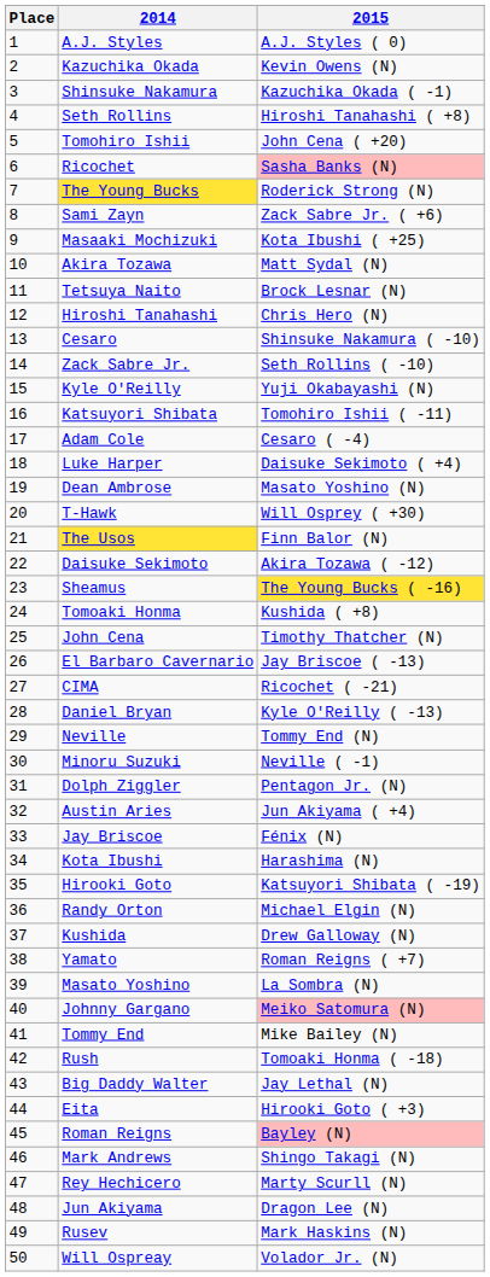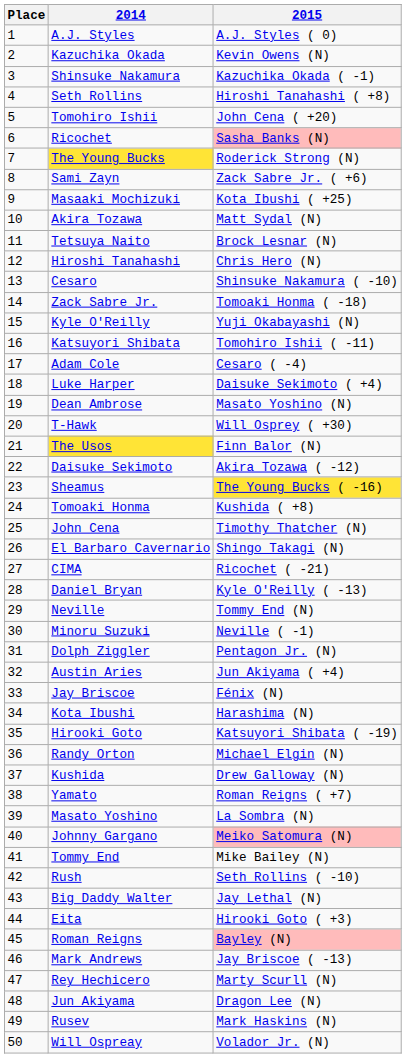 <table class="wikitable">
 <tr>
 <th>Place</th>
 <th><a href='#'>2014</a></th>
 <th><a href='#'>2015</a></th>
 </tr>
 <tr>
 <td>1</td>
 <td><a href='#'>A.J. Styles</a></td>
 <td><a href='#'>A.J. Styles</a> ( 0)</td>
 </tr>
 <tr>
 <td>2</td>
 <td><a href='#'>Kazuchika Okada</a></td>
 <td><a href='#'>Kevin Owens</a> (N)</td>
 </tr>
 <tr>
 <td>3</td>
 <td><a href='#'>Shinsuke Nakamura</a></td>
 <td><a href='#'>Kazuchika Okada</a> ( -1)</td>
 </tr>
 <tr>
 <td>4</td>
 <td><a href='#'>Seth Rollins</a></td>
 <td><a href='#'>Hiroshi Tanahashi</a> ( +8)</td>
 </tr>
 <tr>
 <td>5</td>
 <td><a href='#'>Tomohiro Ishii</a></td>
 <td><a href='#'>John Cena</a> ( +20)</td>
 </tr>
 <tr>
 <td>6</td>
 <td><a href='#'>Ricochet</a></td>
 <td style="background: #FFBBBB"><a href='#'>Sasha Banks</a> (N)</td>
 </tr>
 <tr>
 <td>7</td>
 <td style="background: #FFE436"><a href='#'>The Young Bucks</a></td>
 <td><a href='#'>Roderick Strong</a> (N)</td>
 </tr>
 <tr>
 <td>8</td>
 <td><a href='#'>Sami Zayn</a></td>
 <td><a href='#'>Zack Sabre Jr.</a> ( +6)</td>
 </tr>
 <tr>
 <td>9</td>
 <td><a href='#'>Masaaki Mochizuki</a></td>
 <td><a href='#'>Kota Ibushi</a> ( +25)</td>
 </tr>
 <tr>
 <td>10</td>
 <td><a href='#'>Akira Tozawa</a></td>
 <td><a href='#'>Matt Sydal</a> (N)</td>
 </tr>
 <tr>
 <td>11</td>
 <td><a href='#'>Tetsuya Naito</a></td>
 <td><a href='#'>Brock Lesnar</a> (N)</td>
 </tr>
 <tr>
 <td>12</td>
 <td><a href='#'>Hiroshi Tanahashi</a></td>
 <td><a href='#'>Chris Hero</a> (N)</td>
 </tr>
 <tr>
 <td>13</td>
 <td><a href='#'>Cesaro</a></td>
 <td><a href='#'>Shinsuke Nakamura</a> ( -10)</td>
 </tr>
 <tr>
 <td>14</td>
 <td><a href='#'>Zack Sabre Jr.</a></td>
-<td><a href='#'>Seth Rollins</a> ( -10)</td>
+<td><a href='#'>Tomoaki Honma</a> ( -18)</td>
 </tr>
 <tr>
 <td>15</td>
 <td><a href='#'>Kyle O'Reilly</a></td>
 <td><a href='#'>Yuji Okabayashi</a> (N)</td>
 </tr>
 <tr>
 <td>16</td>
 <td><a href='#'>Katsuyori Shibata</a></td>
 <td><a href='#'>Tomohiro Ishii</a> ( -11)</td>
 </tr>
 <tr>
 <td>17</td>
 <td><a href='#'>Adam Cole</a></td>
 <td><a href='#'>Cesaro</a> ( -4)</td>
 </tr>
 <tr>
 <td>18</td>
 <td><a href='#'>Luke Harper</a></td>
 <td><a href='#'>Daisuke Sekimoto</a> ( +4)</td>
 </tr>
 <tr>
 <td>19</td>
 <td><a href='#'>Dean Ambrose</a></td>
 <td><a href='#'>Masato Yoshino</a> (N)</td>
 </tr>
 <tr>
 <td>20</td>
 <td><a href='#'>T-Hawk</a></td>
 <td><a href='#'>Will Osprey</a> ( +30)</td>
 </tr>
 <tr>
 <td>21</td>
 <td style="background: #FFE436"><a href='#'>The Usos</a></td>
 <td><a href='#'>Finn Balor</a> (N)</td>
 </tr>
 <tr>
 <td>22</td>
 <td><a href='#'>Daisuke Sekimoto</a></td>
 <td><a href='#'>Akira Tozawa</a> ( -12)</td>
 </tr>
 <tr>
 <td>23</td>
 <td><a href='#'>Sheamus</a></td>
 <td style="background: #FFE436"><a href='#'>The Young Bucks</a> ( -16)</td>
 </tr>
 <tr>
 <td>24</td>
 <td><a href='#'>Tomoaki Honma</a></td>
 <td><a href='#'>Kushida</a> ( +8)</td>
 </tr>
 <tr>
 <td>25</td>
 <td><a href='#'>John Cena</a></td>
 <td><a href='#'>Timothy Thatcher</a> (N)</td>
 </tr>
 <tr>
 <td>26</td>
 <td><a href='#'>El Barbaro Cavernario</a></td>
-<td><a href='#'>Jay Briscoe</a> ( -13)</td>
+<td><a href='#'>Shingo Takagi</a> (N)</td>
 </tr>
 <tr>
 <td>27</td>
 <td><a href='#'>CIMA</a></td>
 <td><a href='#'>Ricochet</a> ( -21)</td>
 </tr>
 <tr>
 <td>28</td>
 <td><a href='#'>Daniel Bryan</a></td>
 <td><a href='#'>Kyle O'Reilly</a> ( -13)</td>
 </tr>
 <tr>
 <td>29</td>
 <td><a href='#'>Neville</a></td>
 <td><a href='#'>Tommy End</a> (N)</td>
 </tr>
 <tr>
 <td>30</td>
 <td><a href='#'>Minoru Suzuki</a></td>
 <td><a href='#'>Neville</a> ( -1)</td>
 </tr>
 <tr>
 <td>31</td>
 <td><a href='#'>Dolph Ziggler</a></td>
 <td><a href='#'>Pentagon Jr.</a> (N)</td>
 </tr>
 <tr>
 <td>32</td>
 <td><a href='#'>Austin Aries</a></td>
 <td><a href='#'>Jun Akiyama</a> ( +4)</td>
 </tr>
 <tr>
 <td>33</td>
 <td><a href='#'>Jay Briscoe</a></td>
 <td><a href='#'>Fénix</a> (N)</td>
 </tr>
 <tr>
 <td>34</td>
 <td><a href='#'>Kota Ibushi</a></td>
 <td><a href='#'>Harashima</a> (N)</td>
 </tr>
 <tr>
 <td>35</td>
 <td><a href='#'>Hirooki Goto</a></td>
 <td><a href='#'>Katsuyori Shibata</a> ( -19)</td>
 </tr>
 <tr>
 <td>36</td>
 <td><a href='#'>Randy Orton</a></td>
 <td><a href='#'>Michael Elgin</a> (N)</td>
 </tr>
 <tr>
 <td>37</td>
 <td><a href='#'>Kushida</a></td>
 <td><a href='#'>Drew Galloway</a> (N)</td>
 </tr>
 <tr>
 <td>38</td>
 <td><a href='#'>Yamato</a></td>
 <td><a href='#'>Roman Reigns</a> ( +7)</td>
 </tr>
 <tr>
 <td>39</td>
 <td><a href='#'>Masato Yoshino</a></td>
 <td><a href='#'>La Sombra</a> (N)</td>
 </tr>
 <tr>
 <td>40</td>
 <td><a href='#'>Johnny Gargano</a></td>
 <td style="background: #FFBBBB"><a href='#'>Meiko Satomura</a> (N)</td>
 </tr>
 <tr>
 <td>41</td>
 <td><a href='#'>Tommy End</a></td>
 <td>Mike Bailey (N)</td>
 </tr>
 <tr>
 <td>42</td>
 <td><a href='#'>Rush</a></td>
-<td><a href='#'>Tomoaki Honma</a> ( -18)</td>
+<td><a href='#'>Seth Rollins</a> ( -10)</td>
 </tr>
 <tr>
 <td>43</td>
 <td><a href='#'>Big Daddy Walter</a></td>
 <td><a href='#'>Jay Lethal</a> (N)</td>
 </tr>
 <tr>
 <td>44</td>
 <td><a href='#'>Eita</a></td>
 <td><a href='#'>Hirooki Goto</a> ( +3)</td>
 </tr>
 <tr>
 <td>45</td>
 <td><a href='#'>Roman Reigns</a></td>
 <td style="background: #FFBBBB"><a href='#'>Bayley</a> (N)</td>
 </tr>
 <tr>
 <td>46</td>
 <td><a href='#'>Mark Andrews</a></td>
-<td><a href='#'>Shingo Takagi</a> (N)</td>
+<td><a href='#'>Jay Briscoe</a> ( -13)</td>
 </tr>
 <tr>
 <td>47</td>
 <td><a href='#'>Rey Hechicero</a></td>
 <td><a href='#'>Marty Scurll</a> (N)</td>
 </tr>
 <tr>
 <td>48</td>
 <td><a href='#'>Jun Akiyama</a></td>
 <td><a href='#'>Dragon Lee</a> (N)</td>
 </tr>
 <tr>
 <td>49</td>
 <td><a href='#'>Rusev</a></td>
 <td><a href='#'>Mark Haskins</a> (N)</td>
 </tr>
 <tr>
 <td>50</td>
 <td><a href='#'>Will Ospreay</a></td>
 <td><a href='#'>Volador Jr.</a> (N)</td>
 </tr>
 </table>
